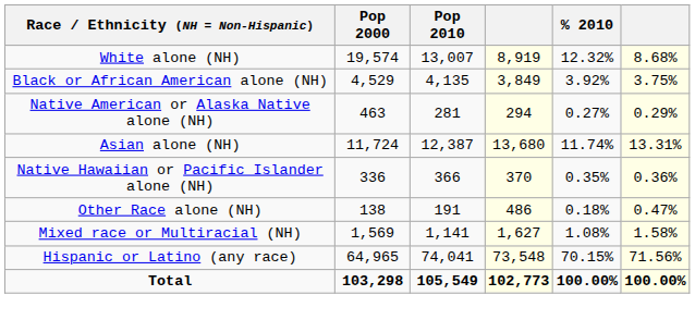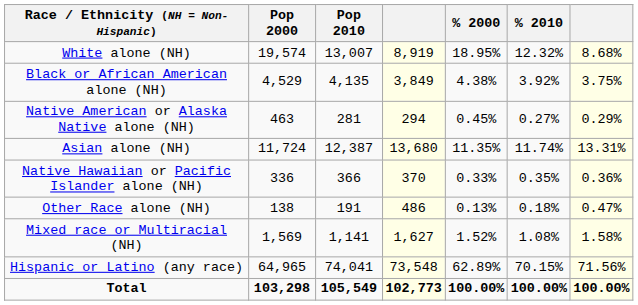 <table class="wikitable" style="text-align:center;">
 <tr>
 <th>Race / Ethnicity <small>(<em>NH = Non-Hispanic</em>)</small></th>
 <th>Pop 2000</th>
 <th>Pop 2010</th>
 <th></th>
+<th>% 2000</th>
 <th>% 2010</th>
 <th></th>
 </tr>
 <tr>
 <td><a href='#'>White</a> alone (NH)</td>
 <td>19,574</td>
 <td>13,007</td>
 <td style='background: #ffffe6;'>8,919</td>
+<td>18.95%</td>
 <td>12.32%</td>
 <td style='background: #ffffe6;'>8.68%</td>
 </tr>
 <tr>
 <td><a href='#'>Black or African American</a> alone (NH)</td>
 <td>4,529</td>
 <td>4,135</td>
 <td style='background: #ffffe6;'>3,849</td>
+<td>4.38%</td>
 <td>3.92%</td>
 <td style='background: #ffffe6;'>3.75%</td>
 </tr>
 <tr>
 <td><a href='#'>Native American</a> or <a href='#'>Alaska Native</a> alone (NH)</td>
 <td>463</td>
 <td>281</td>
 <td style='background: #ffffe6;'>294</td>
+<td>0.45%</td>
 <td>0.27%</td>
 <td style='background: #ffffe6;'>0.29%</td>
 </tr>
 <tr>
 <td><a href='#'>Asian</a> alone (NH)</td>
 <td>11,724</td>
 <td>12,387</td>
 <td style='background: #ffffe6;'>13,680</td>
+<td>11.35%</td>
 <td>11.74%</td>
 <td style='background: #ffffe6;'>13.31%</td>
 </tr>
 <tr>
 <td><a href='#'>Native Hawaiian</a> or <a href='#'>Pacific Islander</a> alone (NH)</td>
 <td>336</td>
 <td>366</td>
 <td style='background: #ffffe6;'>370</td>
+<td>0.33%</td>
 <td>0.35%</td>
 <td style='background: #ffffe6;'>0.36%</td>
 </tr>
 <tr>
 <td><a href='#'>Other Race</a> alone (NH)</td>
 <td>138</td>
 <td>191</td>
 <td style='background: #ffffe6;'>486</td>
+<td>0.13%</td>
 <td>0.18%</td>
 <td style='background: #ffffe6;'>0.47%</td>
 </tr>
 <tr>
 <td><a href='#'>Mixed race or Multiracial</a> (NH)</td>
 <td>1,569</td>
 <td>1,141</td>
 <td style='background: #ffffe6;'>1,627</td>
+<td>1.52%</td>
 <td>1.08%</td>
 <td style='background: #ffffe6;'>1.58%</td>
 </tr>
 <tr>
 <td><a href='#'>Hispanic or Latino</a> (any race)</td>
 <td>64,965</td>
 <td>74,041</td>
 <td style='background: #ffffe6;'>73,548</td>
+<td>62.89%</td>
 <td>70.15%</td>
 <td style='background: #ffffe6;'>71.56%</td>
 </tr>
 <tr>
 <td><strong>Total</strong></td>
 <td><strong>103,298</strong></td>
 <td><strong>105,549</strong></td>
 <td style='background: #ffffe6;'><strong>102,773</strong></td>
 <td><strong>100.00%</strong></td>
+<td><strong>100.00%</strong></td>
 <td style='background: #ffffe6;'><strong>100.00%</strong></td>
 </tr>
 </table>
